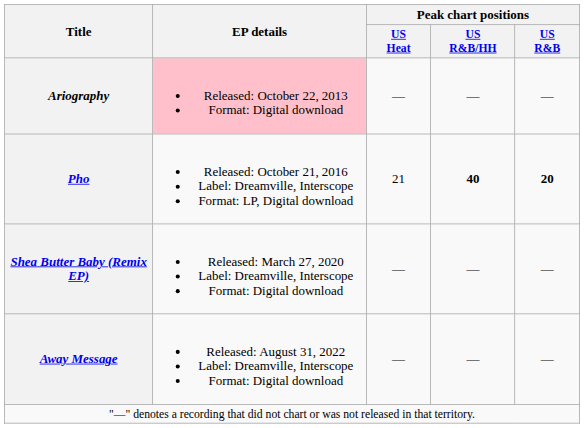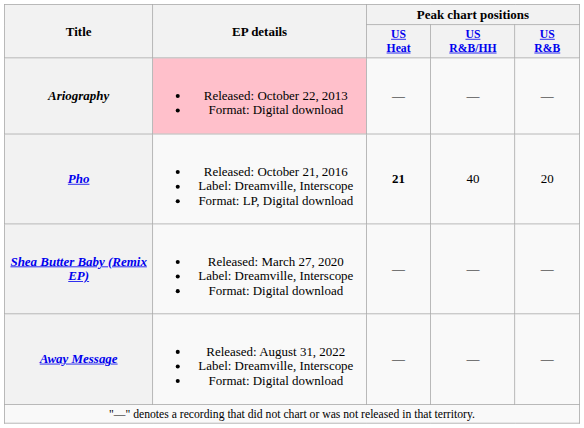 <table class="wikitable plainrowheaders" style="text-align:center;">
 <tr>
 <th scope="col" style="width:11em;" rowspan="2">Title</th>
 <th scope="col" style="width:16em;" rowspan="2">EP details</th>
 <th scope="col" colspan="5" style="width:16em;">Peak chart positions</th>
 </tr>
 <tr>
 <th scope="col" style="width:3em;font-size:90%;"><a href='#'>US<br>Heat</a><br></th>
 <th scope="col" style="width:3em;font-size:90%;"><a href='#'>US<br>R&B/HH</a><br></th>
 <th scope="col" style="width:3em;font-size:90%;"><a href='#'>US<br>R&B</a><br></th>
 </tr>
 <tr>
 <th scope="row"><em>Ariography</em></th>
 <td style="background: pink;"><br><ul><li>Released: October 22, 2013</li><li>Format: Digital download</li></ul></td>
 <td>—</td>
 <td>—</td>
 <td>—</td>
 </tr>
 <tr>
 <th scope="row"><em><a href='#'>Pho</a></em></th>
 <td><br><ul><li>Released: October 21, 2016</li><li>Label: Dreamville, Interscope</li><li>Format: LP, Digital download</li></ul></td>
-<td>21</td>
-<td><strong>40</strong></td>
-<td><strong>20</strong></td>
+<td><strong>21</strong></td>
+<td>40</td>
+<td>20</td>
 </tr>
 <tr>
 <th scope="row"><em><a href='#'>Shea Butter Baby (Remix EP)</a></em></th>
 <td><br><ul><li>Released: March 27, 2020</li><li>Label: Dreamville, Interscope</li><li>Format: Digital download</li></ul></td>
 <td>—</td>
 <td>—</td>
 <td>—</td>
 </tr>
 <tr>
 <th scope="row"><em><a href='#'>Away Message</a></em></th>
 <td><br><ul><li>Released: August 31, 2022</li><li>Label: Dreamville, Interscope</li><li>Format: Digital download</li></ul></td>
 <td>—</td>
 <td>—</td>
 <td>—</td>
 </tr>
 <tr>
 <td colspan="7" style="font-size:90%;">"—" denotes a recording that did not chart or was not released in that territory.</td>
 </tr>
 </table>
